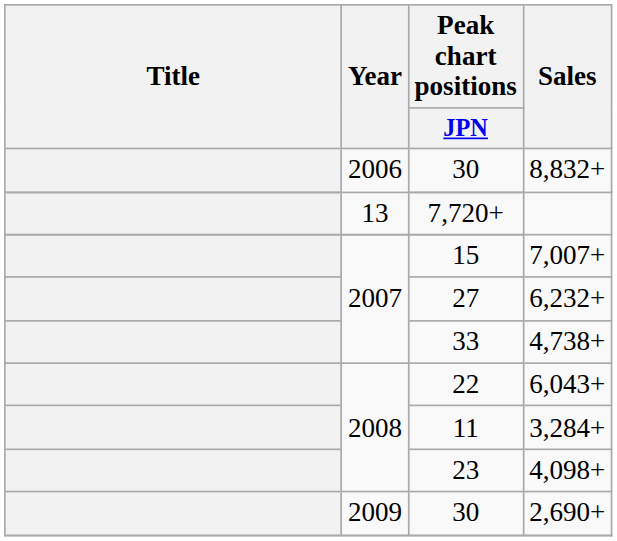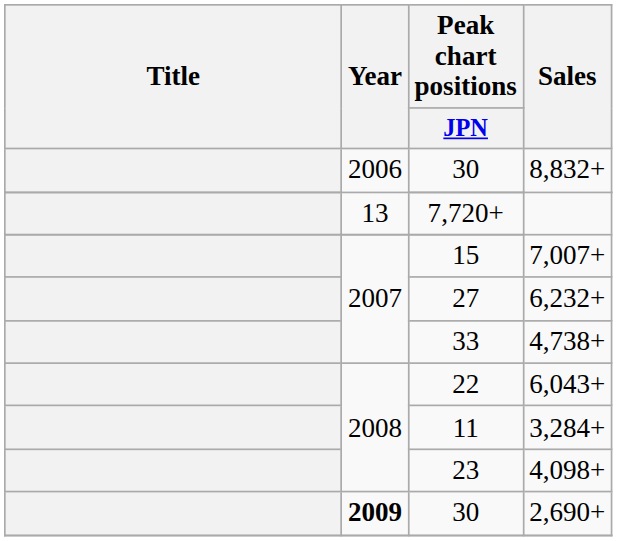 <table class="wikitable plainrowheaders" style="text-align:center;">
 <tr>
 <th scope="col" rowspan="2" style="width:12em;">Title</th>
 <th scope="col" rowspan="2">Year</th>
 <th scope="col" colspan="1">Peak chart positions</th>
 <th scope="col" rowspan="2">Sales</th>
 </tr>
 <tr>
 <th scope="col" style="width:3em;font-size:90%;"><a href='#'>JPN</a></th>
 </tr>
 <tr>
 <th scope="row"><br></th>
 <td rowspan="2">2006</td>
 <td>30</td>
 <td>8,832+</td>
 </tr>
 <tr>
 </tr>
 <tr>
 <th scope="row"><br></th>
 <td>13</td>
 <td>7,720+</td>
 </tr>
 <tr>
 </tr>
 <tr>
 <th scope="row"><br></th>
 <td rowspan="3">2007</td>
 <td>15</td>
 <td>7,007+</td>
 </tr>
 <tr>
 <th scope="row"><br></th>
 <td>27</td>
 <td>6,232+</td>
 </tr>
 <tr>
 <th scope="row"><br></th>
 <td>33</td>
 <td>4,738+</td>
 </tr>
 <tr>
 <th scope="row"><br></th>
 <td rowspan="3">2008</td>
 <td>22</td>
 <td>6,043+</td>
 </tr>
 <tr>
 <th scope="row"><br></th>
 <td>11</td>
 <td>3,284+</td>
 </tr>
 <tr>
 <th scope="row"><br></th>
 <td>23</td>
 <td>4,098+</td>
 </tr>
 <tr>
 <th scope="row"><br></th>
-<td>2009</td>
+<td><strong>2009</strong></td>
 <td>30</td>
 <td>2,690+</td>
 </tr>
 <tr>
 </tr>
 </table>
